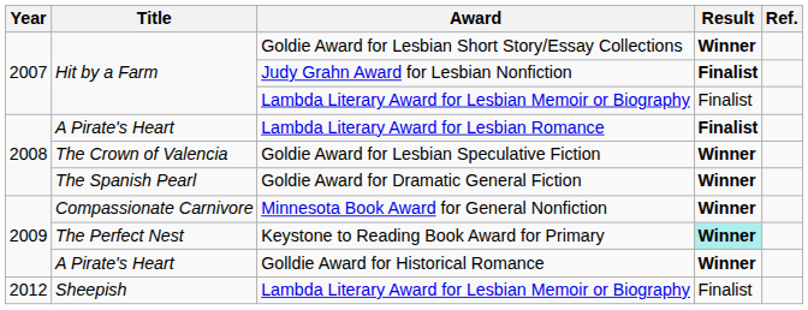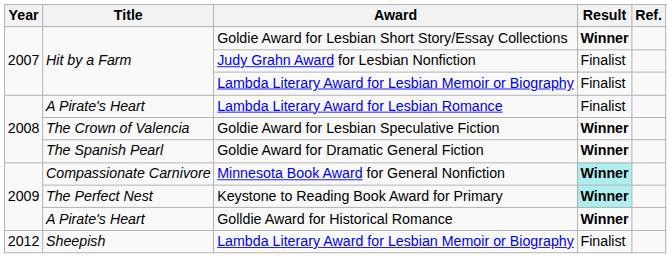 <table class="wikitable sortable">
 <tr>
 <th>Year</th>
 <th>Title</th>
 <th>Award</th>
 <th>Result</th>
 <th>Ref.</th>
 </tr>
 <tr>
 <td rowspan="3">2007</td>
 <td rowspan="3"><em>Hit by a Farm</em></td>
 <td>Goldie Award for Lesbian Short Story/Essay Collections</td>
 <td><strong>Winner</strong></td>
 <td></td>
 </tr>
 <tr>
 <td><a href='#'>Judy Grahn Award</a> for Lesbian Nonfiction</td>
-<td><strong>Finalist</strong></td>
+<td>Finalist</td>
 <td></td>
 </tr>
 <tr>
 <td><a href='#'>Lambda Literary Award for Lesbian Memoir or Biography</a></td>
 <td>Finalist</td>
 <td></td>
 </tr>
 <tr>
 <td rowspan="3">2008</td>
 <td><em>A Pirate's Heart</em></td>
 <td><a href='#'>Lambda Literary Award for Lesbian Romance</a></td>
-<td><strong>Finalist</strong></td>
+<td>Finalist</td>
 <td></td>
 </tr>
 <tr>
 <td><em>The Crown of Valencia</em></td>
 <td>Goldie Award for Lesbian Speculative Fiction</td>
 <td><strong>Winner</strong></td>
 <td></td>
 </tr>
 <tr>
 <td><em>The Spanish Pearl</em></td>
 <td>Goldie Award for Dramatic General Fiction</td>
 <td><strong>Winner</strong></td>
 <td></td>
 </tr>
 <tr>
 <td rowspan="3">2009</td>
 <td><em>Compassionate Carnivore</em></td>
 <td><a href='#'>Minnesota Book Award</a> for General Nonfiction</td>
-<td><strong>Winner</strong></td>
+<td style="background: paleturquoise;"><strong>Winner</strong></td>
 <td></td>
 </tr>
 <tr>
 <td><em>The Perfect Nest</em></td>
 <td>Keystone to Reading Book Award for Primary</td>
 <td style="background: paleturquoise;"><strong>Winner</strong></td>
 <td></td>
 </tr>
 <tr>
 <td><em>A Pirate's Heart</em></td>
 <td>Golldie Award for Historical Romance</td>
 <td><strong>Winner</strong></td>
 <td></td>
 </tr>
 <tr>
 <td>2012</td>
 <td><em>Sheepish</em></td>
 <td><a href='#'>Lambda Literary Award for Lesbian Memoir or Biography</a></td>
 <td>Finalist</td>
 <td></td>
 </tr>
 </table>
